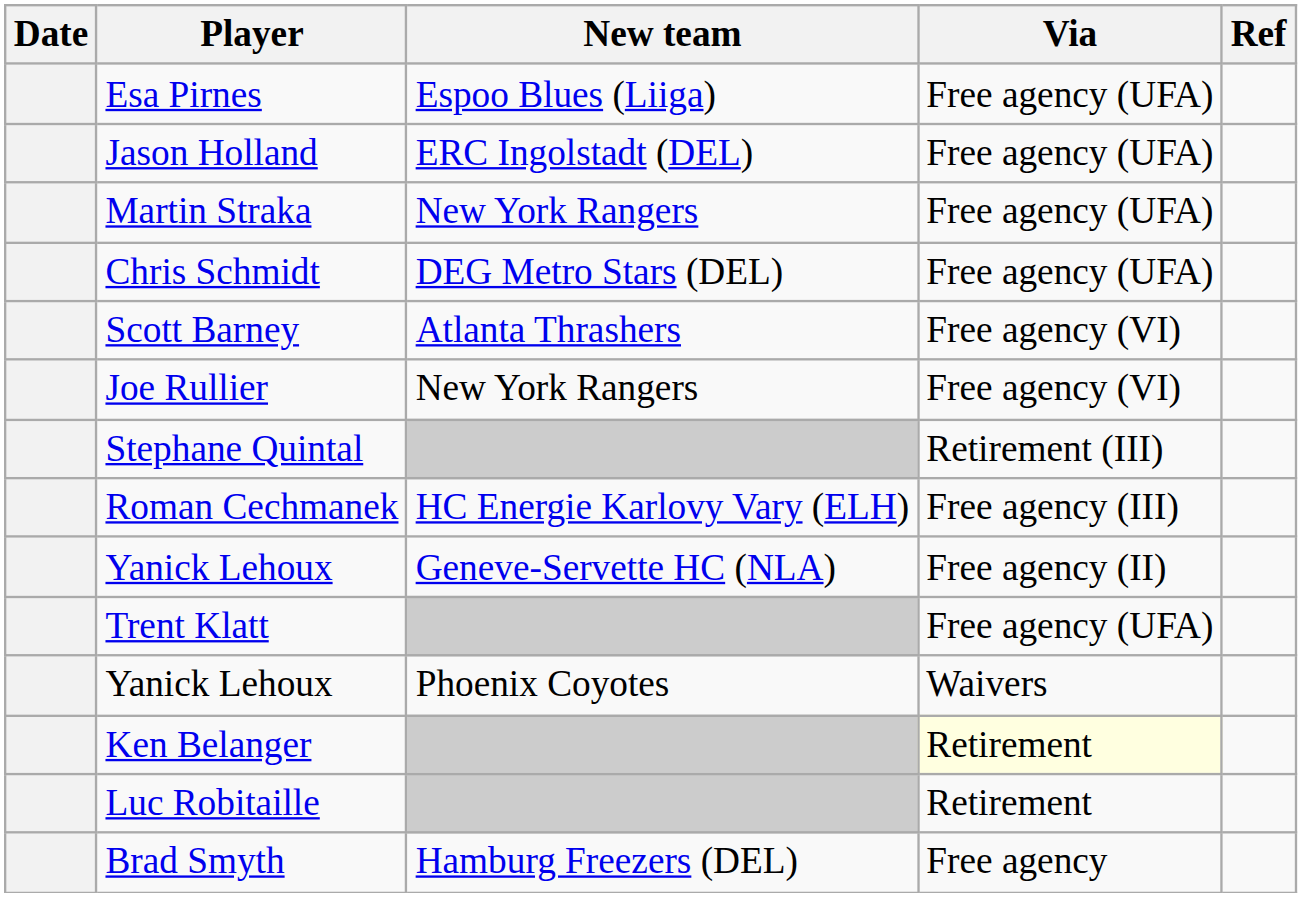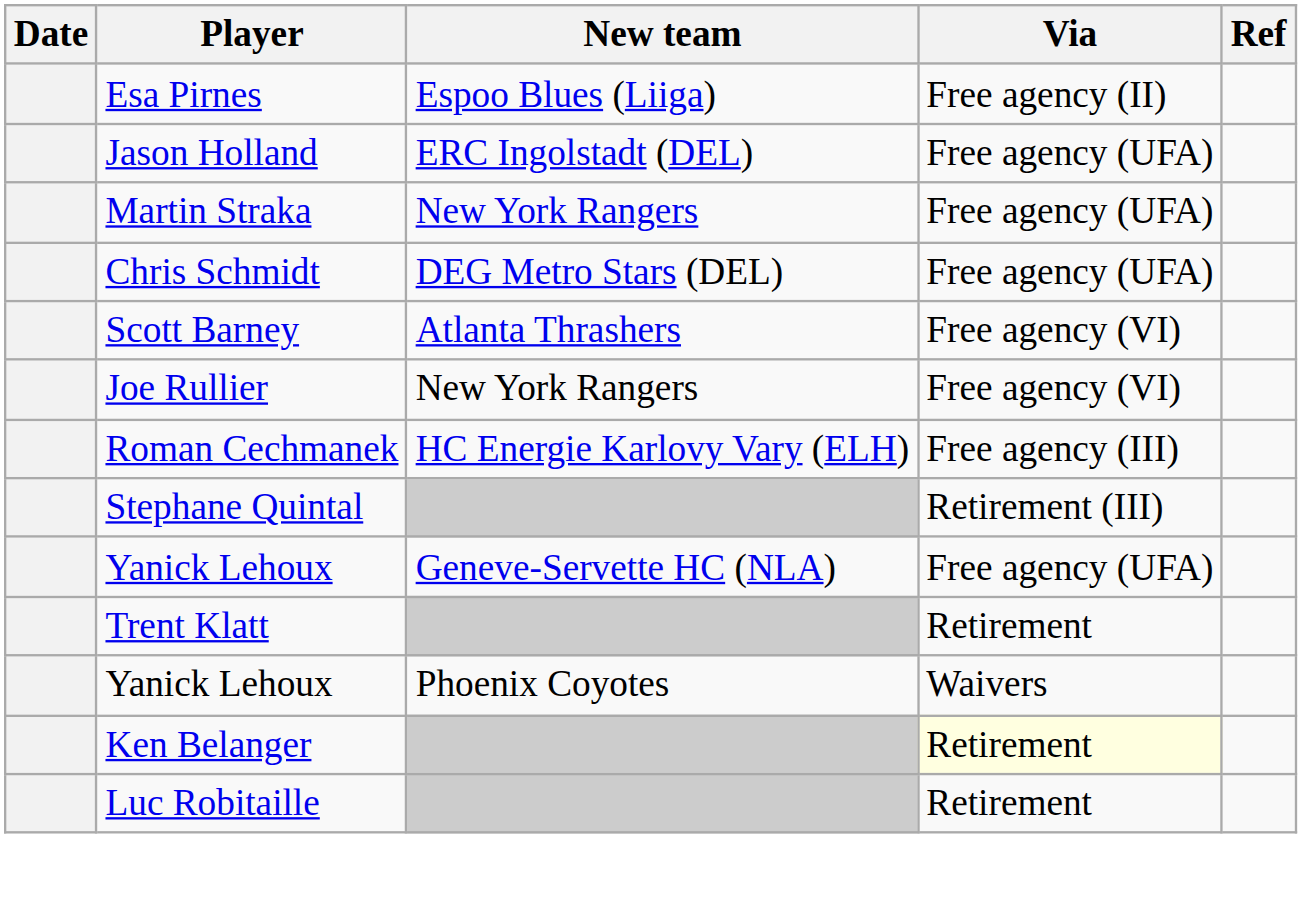 <table class="wikitable plainrowheaders">
 <tr style="background:#ddd; text-align:center;">
 <th>Date</th>
 <th>Player</th>
 <th>New team</th>
 <th>Via</th>
 <th>Ref</th>
 </tr>
 <tr>
 <th scope="row"></th>
 <td><a href='#'>Esa Pirnes</a></td>
 <td><a href='#'>Espoo Blues</a> (<a href='#'>Liiga</a>)</td>
-<td>Free agency (UFA)</td>
+<td>Free agency (II)</td>
 <td></td>
 </tr>
 <tr>
 <th scope="row"></th>
 <td><a href='#'>Jason Holland</a></td>
 <td><a href='#'>ERC Ingolstadt</a> (<a href='#'>DEL</a>)</td>
 <td>Free agency (UFA)</td>
 <td></td>
 </tr>
 <tr>
 <th scope="row"></th>
 <td><a href='#'>Martin Straka</a></td>
 <td><a href='#'>New York Rangers</a></td>
 <td>Free agency (UFA)</td>
 <td></td>
 </tr>
 <tr>
 <th scope="row"></th>
 <td><a href='#'>Chris Schmidt</a></td>
 <td><a href='#'>DEG Metro Stars</a> (DEL)</td>
 <td>Free agency (UFA)</td>
 <td></td>
 </tr>
 <tr>
 <th scope="row"></th>
 <td><a href='#'>Scott Barney</a></td>
 <td><a href='#'>Atlanta Thrashers</a></td>
 <td>Free agency (VI)</td>
 <td></td>
 </tr>
 <tr>
 <th scope="row"></th>
 <td><a href='#'>Joe Rullier</a></td>
 <td>New York Rangers</td>
 <td>Free agency (VI)</td>
 <td></td>
 </tr>
 <tr>
 <th scope="row"></th>
+<td><a href='#'>Roman Cechmanek</a></td>
+<td><a href='#'>HC Energie Karlovy Vary</a> (<a href='#'>ELH</a>)</td>
+<td>Free agency (III)</td>
+<td></td>
+</tr>
+<tr>
+<th scope="row"></th>
 <td><a href='#'>Stephane Quintal</a></td>
 <td style="background:#ccc"></td>
 <td>Retirement (III)</td>
 <td></td>
 </tr>
 <tr>
 <th scope="row"></th>
-<td><a href='#'>Roman Cechmanek</a></td>
-<td><a href='#'>HC Energie Karlovy Vary</a> (<a href='#'>ELH</a>)</td>
-<td>Free agency (III)</td>
-<td></td>
-</tr>
-<tr>
-<th scope="row"></th>
 <td><a href='#'>Yanick Lehoux</a></td>
 <td><a href='#'>Geneve-Servette HC</a> (<a href='#'>NLA</a>)</td>
-<td>Free agency (II)</td>
+<td>Free agency (UFA)</td>
 <td></td>
 </tr>
 <tr>
 <th scope="row"></th>
 <td><a href='#'>Trent Klatt</a></td>
 <td style="background:#ccc"></td>
-<td>Free agency (UFA)</td>
+<td>Retirement</td>
 <td></td>
 </tr>
 <tr>
 <th scope="row"></th>
 <td>Yanick Lehoux</td>
 <td>Phoenix Coyotes</td>
 <td>Waivers</td>
 <td></td>
 </tr>
 <tr>
 <th scope="row"></th>
 <td><a href='#'>Ken Belanger</a></td>
 <td style="background:#ccc"></td>
 <td style="background: lightyellow;">Retirement</td>
 <td></td>
 </tr>
 <tr>
 <th scope="row"></th>
 <td><a href='#'>Luc Robitaille</a></td>
 <td style="background:#ccc"></td>
 <td>Retirement</td>
 <td></td>
 </tr>
-<tr>
-<th scope="row"></th>
-<td><a href='#'>Brad Smyth</a></td>
-<td><a href='#'>Hamburg Freezers</a> (DEL)</td>
-<td>Free agency</td>
-<td></td>
-</tr>
 </table>
